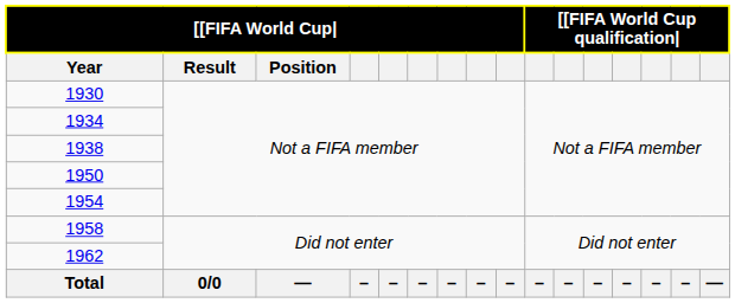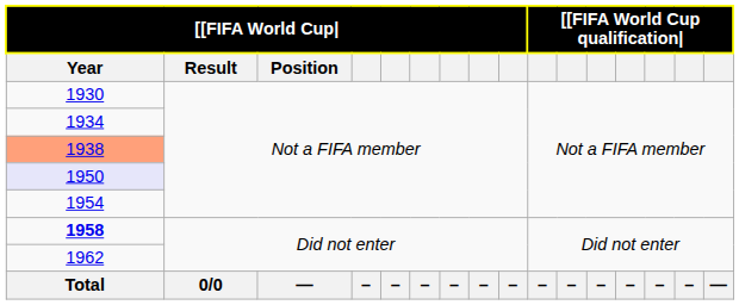 <table class="wikitable" style="text-align: center;">
 <tr>
 <th colspan="9" style="background: #000000; color: #FFFFFF; border:2px solid #FFFF00;">[[FIFA World Cup|</th>
 <th colspan="7" style="background: #000000; color: #FFFFFF; border:2px solid #FFFF00;">[[FIFA World Cup qualification|</th>
 </tr>
 <tr>
 <th width="140">Year</th>
 <th width="80">Result</th>
 <th width="80">Position</th>
 <th width="20"></th>
 <th width="20"></th>
 <th width="20"></th>
 <th width="20"></th>
 <th width="20"></th>
 <th width="20"></th>
 <th width="20"></th>
 <th width="20"></th>
 <th width="20"></th>
 <th width="20"></th>
 <th width="20"></th>
 <th width="20"></th>
 <th width="20"></th>
 </tr>
 <tr>
 <td> <a href='#'>1930</a></td>
 <td colspan="8" rowspan="5"><em>Not a FIFA member</em></td>
 <td colspan="7" rowspan="5"><em>Not a FIFA member</em></td>
 </tr>
 <tr>
 <td> <a href='#'>1934</a></td>
 </tr>
 <tr>
-<td> <a href='#'>1938</a></td>
+<td style="background: lightsalmon;"> <a href='#'>1938</a></td>
 </tr>
 <tr>
-<td> <a href='#'>1950</a></td>
+<td style="background: lavender;"> <a href='#'>1950</a></td>
 </tr>
 <tr>
 <td> <a href='#'>1954</a></td>
 </tr>
 <tr>
-<td> <a href='#'>1958</a></td>
+<td><strong> <a href='#'>1958</a></strong></td>
 <td colspan="8" rowspan="2"><em>Did not enter</em></td>
 <td colspan="7" rowspan="2"><em>Did not enter</em></td>
 </tr>
 <tr>
 <td> <a href='#'>1962</a></td>
 </tr>
 <tr>
 <th><strong>Total</strong></th>
 <th><strong>0/0</strong></th>
 <th>—</th>
 <th>–</th>
 <th>–</th>
 <th>–</th>
 <th>–</th>
 <th>–</th>
 <th>–</th>
 <th>–</th>
 <th>–</th>
 <th>–</th>
 <th>–</th>
 <th>–</th>
 <th>–</th>
 <th>—</th>
 </tr>
 </table>
